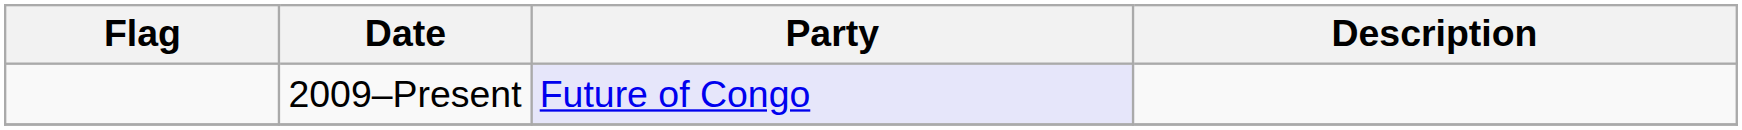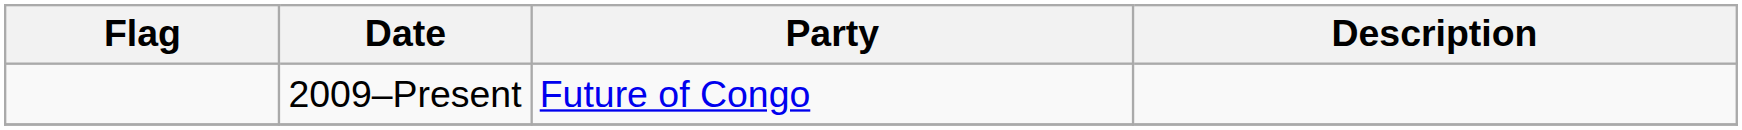 <table class="wikitable">
 <tr>
 <th style="width:110px;">Flag</th>
 <th style="width:100px;">Date</th>
 <th style="width:250px;">Party</th>
 <th style="width:250px;">Description</th>
 </tr>
 <tr>
 <td></td>
 <td>2009–Present</td>
-<td style="background: lavender;"><a href='#'>Future of Congo</a></td>
+<td><a href='#'>Future of Congo</a></td>
 <td></td>
 </tr>
 <tr>
 </tr>
 </table>
